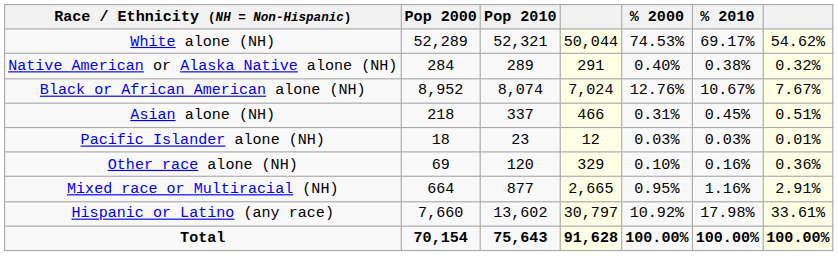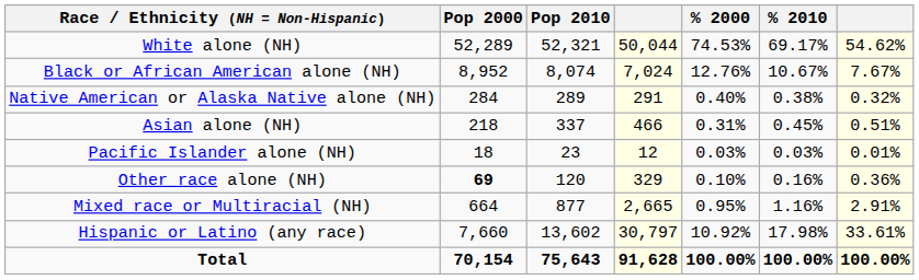 <table class="wikitable" style="text-align:center;">
 <tr>
 <th>Race / Ethnicity <small>(<em>NH = Non-Hispanic</em>)</small></th>
 <th>Pop 2000</th>
 <th>Pop 2010</th>
 <th></th>
 <th>% 2000</th>
 <th>% 2010</th>
 <th></th>
 </tr>
 <tr>
 <td><a href='#'>White</a> alone (NH)</td>
 <td>52,289</td>
 <td>52,321</td>
 <td style='background: #ffffe6;'>50,044</td>
 <td>74.53%</td>
 <td>69.17%</td>
 <td style='background: #ffffe6;'>54.62%</td>
 </tr>
 <tr>
+<td><a href='#'>Black or African American</a> alone (NH)</td>
+<td>8,952</td>
+<td>8,074</td>
+<td style='background: #ffffe6;'>7,024</td>
+<td>12.76%</td>
+<td>10.67%</td>
+<td style='background: #ffffe6;'>7.67%</td>
+</tr>
+<tr>
 <td><a href='#'>Native American</a> or <a href='#'>Alaska Native</a> alone (NH)</td>
 <td>284</td>
 <td>289</td>
 <td style='background: #ffffe6;'>291</td>
 <td>0.40%</td>
 <td>0.38%</td>
 <td style='background: #ffffe6;'>0.32%</td>
-</tr>
-<tr>
-<td><a href='#'>Black or African American</a> alone (NH)</td>
-<td>8,952</td>
-<td>8,074</td>
-<td style='background: #ffffe6;'>7,024</td>
-<td>12.76%</td>
-<td>10.67%</td>
-<td style='background: #ffffe6;'>7.67%</td>
 </tr>
 <tr>
 <td><a href='#'>Asian</a> alone (NH)</td>
 <td>218</td>
 <td>337</td>
 <td style='background: #ffffe6;'>466</td>
 <td>0.31%</td>
 <td>0.45%</td>
 <td style='background: #ffffe6;'>0.51%</td>
 </tr>
 <tr>
 <td><a href='#'>Pacific Islander</a> alone (NH)</td>
 <td>18</td>
 <td>23</td>
 <td style='background: #ffffe6;'>12</td>
 <td>0.03%</td>
 <td>0.03%</td>
 <td style='background: #ffffe6;'>0.01%</td>
 </tr>
 <tr>
 <td><a href='#'>Other race</a> alone (NH)</td>
-<td>69</td>
+<td><strong>69</strong></td>
 <td>120</td>
 <td style='background: #ffffe6;'>329</td>
 <td>0.10%</td>
 <td>0.16%</td>
 <td style='background: #ffffe6;'>0.36%</td>
 </tr>
 <tr>
 <td><a href='#'>Mixed race or Multiracial</a> (NH)</td>
 <td>664</td>
 <td>877</td>
 <td style='background: #ffffe6;'>2,665</td>
 <td>0.95%</td>
 <td>1.16%</td>
 <td style='background: #ffffe6;'>2.91%</td>
 </tr>
 <tr>
 <td><a href='#'>Hispanic or Latino</a> (any race)</td>
 <td>7,660</td>
 <td>13,602</td>
 <td style='background: #ffffe6;'>30,797</td>
 <td>10.92%</td>
 <td>17.98%</td>
 <td style='background: #ffffe6;'>33.61%</td>
 </tr>
 <tr>
 <td><strong>Total</strong></td>
 <td><strong>70,154</strong></td>
 <td><strong>75,643</strong></td>
 <td style='background: #ffffe6;'><strong>91,628</strong></td>
 <td><strong>100.00%</strong></td>
 <td><strong>100.00%</strong></td>
 <td style='background: #ffffe6;'><strong>100.00%</strong></td>
 </tr>
 </table>
